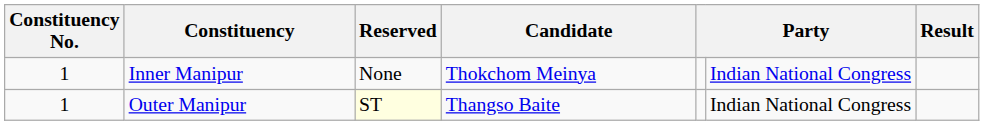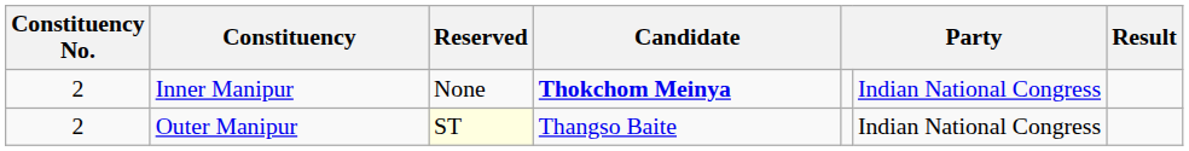 <table class= "wikitable sortable">
 <tr>
 <th>Constituency <br> No.</th>
 <th style="width:180px;">Constituency</th>
 <th>Reserved</th>
 <th style="width:200px;">Candidate</th>
 <th colspan=2>Party</th>
 <th>Result</th>
 </tr>
 <tr>
-<td align="center">1</td>
+<td align="center">2</td>
 <td><a href='#'>Inner Manipur</a></td>
 <td>None</td>
-<td><a href='#'>Thokchom Meinya</a></td>
+<td><strong><a href='#'>Thokchom Meinya</a></strong></td>
 <td></td>
 <td><a href='#'>Indian National Congress</a></td>
 <td></td>
 </tr>
 <tr>
-<td align="center">1</td>
+<td align="center">2</td>
 <td><a href='#'>Outer Manipur</a></td>
 <td style="background: lightyellow;">ST</td>
 <td><a href='#'>Thangso Baite</a></td>
 <td></td>
 <td>Indian National Congress</td>
 <td></td>
 </tr>
 </table>
